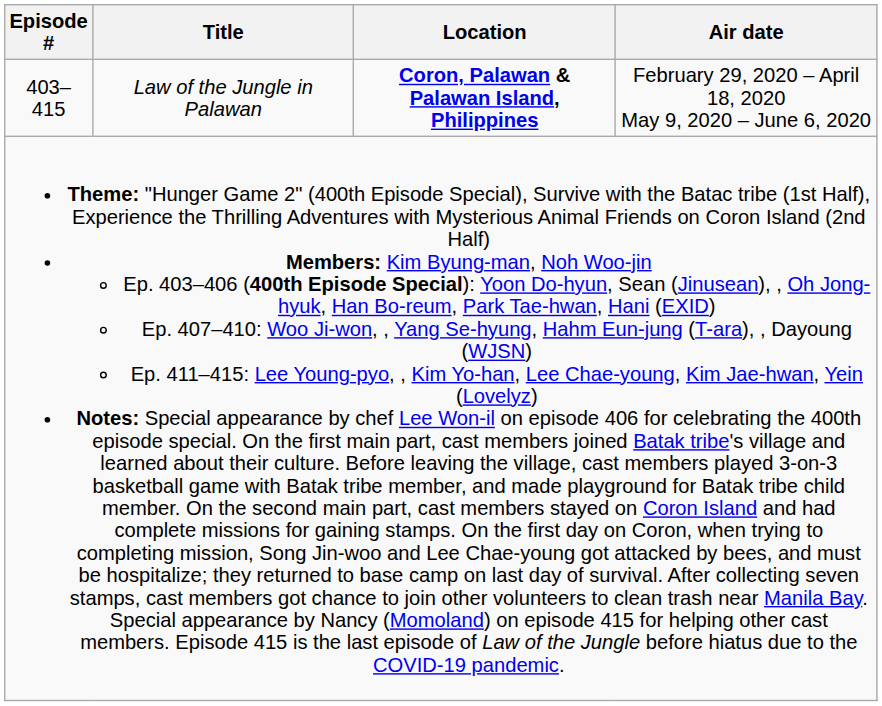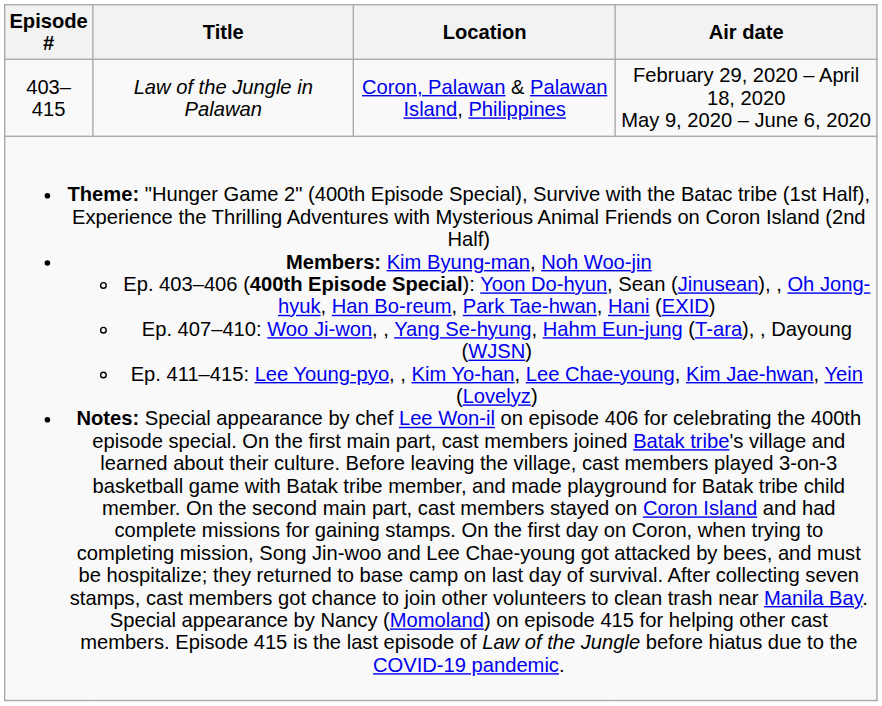 <table class="wikitable" style="text-align:center; font-size:90%; width:100%;">
 <tr>
 <th width="10%">Episode #</th>
 <th width="30%">Title</th>
 <th width="30%">Location</th>
 <th width="30%">Air date</th>
 </tr>
 <tr>
 <td>403–415</td>
 <td><em>Law of the Jungle in Palawan</em></td>
-<td><strong><a href='#'>Coron, Palawan</a>  & <a href='#'>Palawan Island</a>, <a href='#'>Philippines</a></strong></td>
+<td><a href='#'>Coron, Palawan</a>  & <a href='#'>Palawan Island</a>, <a href='#'>Philippines</a></td>
 <td>February 29, 2020 – April 18, 2020<br>May 9, 2020 – June 6, 2020</td>
 </tr>
 <tr>
 <td colspan="4"><br><ul><li><strong>Theme:</strong> "Hunger Game 2" (400th Episode Special), Survive with the Batac tribe (1st Half), Experience the Thrilling Adventures with Mysterious Animal Friends on Coron Island (2nd Half)</li><li><strong>Members:</strong> <a href='#'>Kim Byung-man</a>, <a href='#'>Noh Woo-jin</a><ul><li>Ep. 403–406 (<strong>400th Episode Special</strong>): <a href='#'>Yoon Do-hyun</a>, Sean (<a href='#'>Jinusean</a>), , <a href='#'>Oh Jong-hyuk</a>, <a href='#'>Han Bo-reum</a>, <a href='#'>Park Tae-hwan</a>, <a href='#'>Hani</a> (<a href='#'>EXID</a>)</li><li>Ep. 407–410: <a href='#'>Woo Ji-won</a>, , <a href='#'>Yang Se-hyung</a>, <a href='#'>Hahm Eun-jung</a> (<a href='#'>T-ara</a>), , Dayoung (<a href='#'>WJSN</a>)</li><li>Ep. 411–415: <a href='#'>Lee Young-pyo</a>, , <a href='#'>Kim Yo-han</a>, <a href='#'>Lee Chae-young</a>, <a href='#'>Kim Jae-hwan</a>, <a href='#'>Yein</a> (<a href='#'>Lovelyz</a>)</li></ul></li><li><strong>Notes:</strong> Special appearance by chef <a href='#'>Lee Won-il</a> on episode 406 for celebrating the 400th episode special. On the first main part, cast members joined <a href='#'>Batak tribe</a>'s village and learned about their culture. Before leaving the village, cast members played 3-on-3 basketball game with Batak tribe member, and made playground for Batak tribe child member. On the second main part, cast members stayed on <a href='#'>Coron Island</a> and had complete missions for gaining stamps. On the first day on Coron, when trying to completing mission, Song Jin-woo and Lee Chae-young got attacked by bees, and must be hospitalize; they returned to base camp on last day of survival. After collecting seven stamps, cast members got chance to join other volunteers to clean trash near <a href='#'>Manila Bay</a>. Special appearance by Nancy (<a href='#'>Momoland</a>) on episode 415 for helping other cast members. Episode 415 is the last episode of <em>Law of the Jungle</em> before hiatus due to the <a href='#'>COVID-19 pandemic</a>.</li></ul></td>
 </tr>
 </table>
